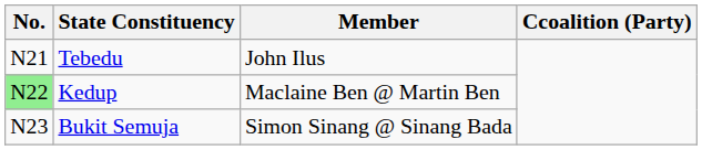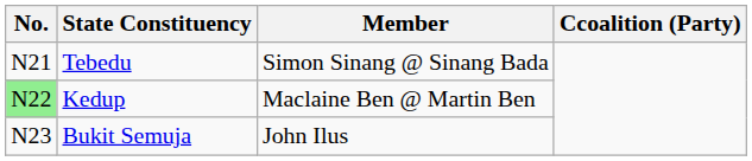 <table class="wikitable">
 <tr>
 <th>No.</th>
 <th>State Constituency</th>
 <th>Member</th>
 <th>Ccoalition (Party)</th>
 </tr>
 <tr>
 <td>N21</td>
 <td><a href='#'>Tebedu</a></td>
-<td>John Ilus</td>
+<td>Simon Sinang @ Sinang Bada</td>
 <td rowspan="3"></td>
 </tr>
 <tr>
 <td style="background: lightgreen;">N22</td>
 <td><a href='#'>Kedup</a></td>
 <td>Maclaine Ben @ Martin Ben</td>
 </tr>
 <tr>
 <td>N23</td>
 <td><a href='#'>Bukit Semuja</a></td>
-<td>Simon Sinang @ Sinang Bada</td>
+<td>John Ilus</td>
 </tr>
 </table>
